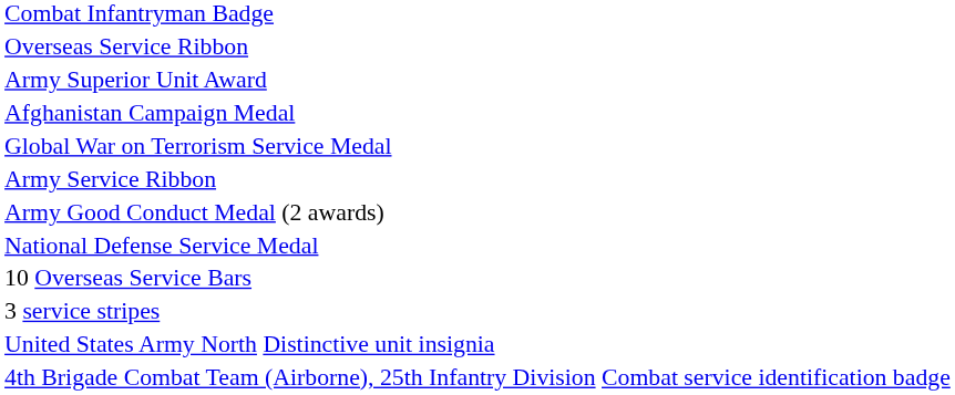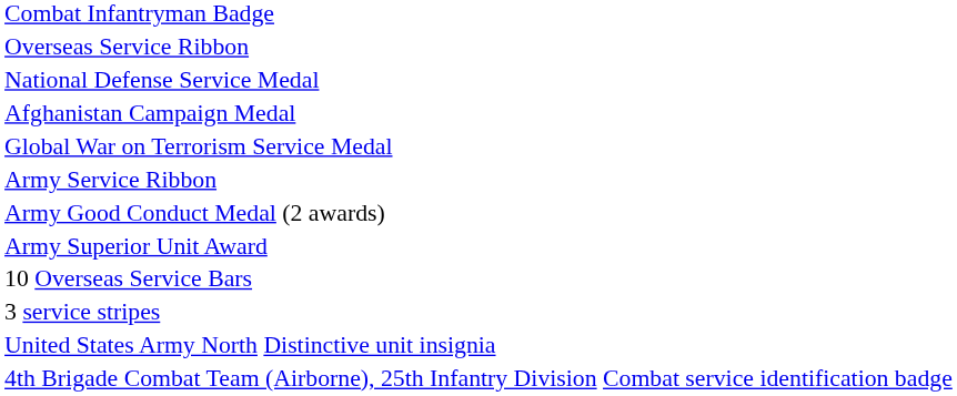 <table>
 <tr>
 <td> <a href='#'>Combat Infantryman Badge</a></td>
 </tr>
 <tr>
 <td> <a href='#'>Overseas Service Ribbon</a></td>
 </tr>
 <tr>
-<td> <a href='#'>Army Superior Unit Award</a></td>
+<td> <a href='#'>National Defense Service Medal</a></td>
 </tr>
 <tr>
 <td> <a href='#'>Afghanistan Campaign Medal</a></td>
 </tr>
 <tr>
 <td> <a href='#'>Global War on Terrorism Service Medal</a></td>
 </tr>
 <tr>
 <td> <a href='#'>Army Service Ribbon</a></td>
 </tr>
 <tr>
 <td> <a href='#'>Army Good Conduct Medal</a> (2 awards)</td>
 </tr>
 <tr>
-<td> <a href='#'>National Defense Service Medal</a></td>
+<td> <a href='#'>Army Superior Unit Award</a></td>
 </tr>
 <tr>
 <td> 10 <a href='#'>Overseas Service Bars</a></td>
 </tr>
 <tr>
 <td> 3 <a href='#'>service stripes</a></td>
 </tr>
 <tr>
 <td> <a href='#'>United States Army North</a> <a href='#'>Distinctive unit insignia</a></td>
 </tr>
 <tr>
 <td> <a href='#'>4th Brigade Combat Team (Airborne), 25th Infantry Division</a> <a href='#'>Combat service identification badge</a></td>
 </tr>
 </table>
